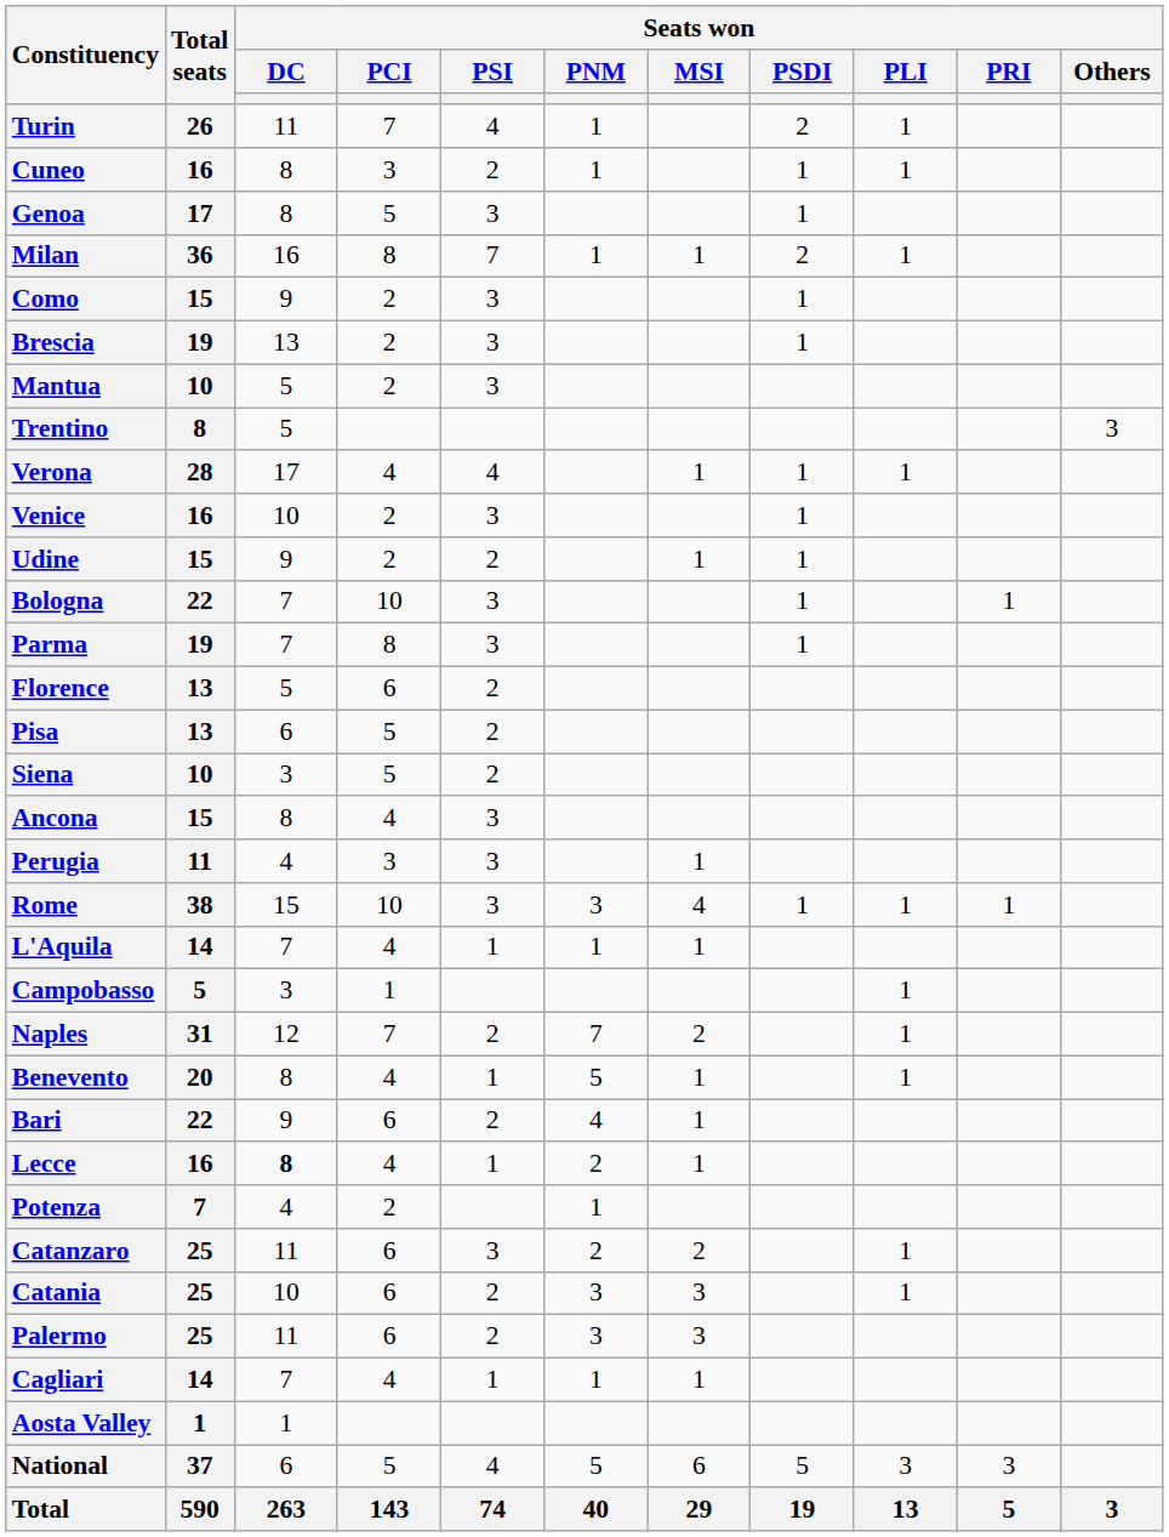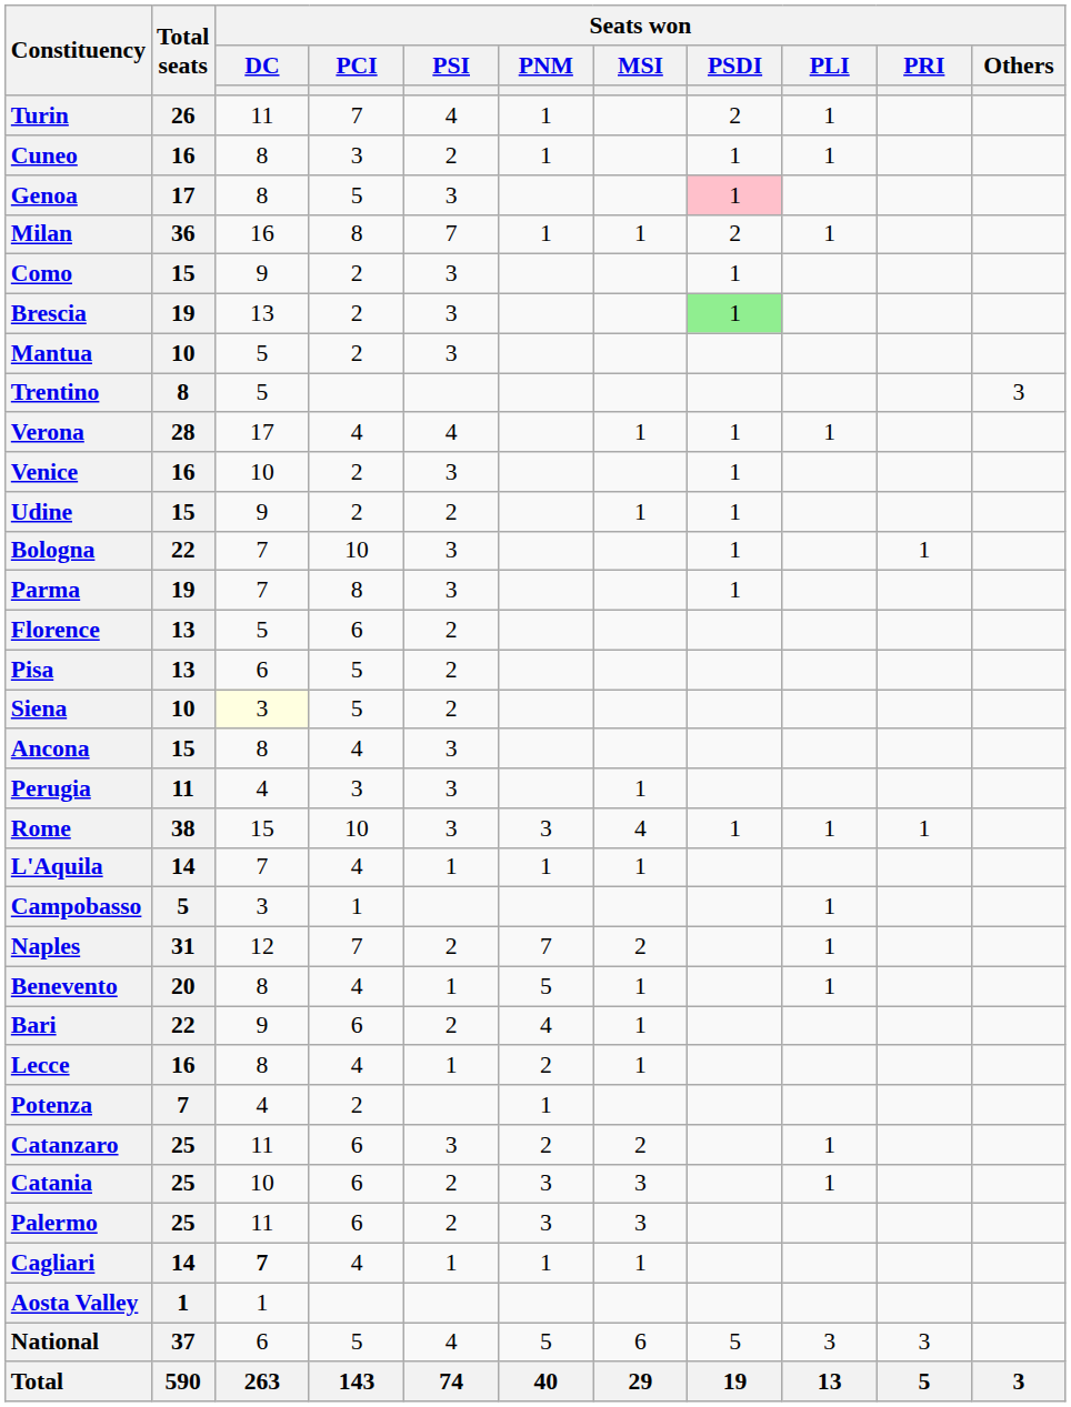 <table class="wikitable" style="text-align:center; font-size: 0.9em;">
 <tr>
 <th rowspan="3">Constituency</th>
 <th rowspan="3">Total<br>seats</th>
 <th colspan="9">Seats won</th>
 </tr>
 <tr>
 <th class="unsortable" style="width:50px;"><a href='#'>DC</a></th>
 <th class="unsortable" style="width:50px;"><a href='#'>PCI</a></th>
 <th class="unsortable" style="width:50px;"><a href='#'>PSI</a></th>
 <th class="unsortable" style="width:50px;"><a href='#'>PNM</a></th>
 <th class="unsortable" style="width:50px;"><a href='#'>MSI</a></th>
 <th class="unsortable" style="width:50px;"><a href='#'>PSDI</a></th>
 <th class="unsortable" style="width:50px;"><a href='#'>PLI</a></th>
 <th class="unsortable" style="width:50px;"><a href='#'>PRI</a></th>
 <th class="unsortable" style="width:50px;">Others</th>
 </tr>
 <tr>
 <th style="background:"></th>
 <th style="background:"></th>
 <th style="background:"></th>
 <th style="background:"></th>
 <th style="background:"></th>
 <th style="background:"></th>
 <th style="background:"></th>
 <th style="background:"></th>
 <th style="background:"></th>
 </tr>
 <tr>
 <th style="text-align: left;"><a href='#'>Turin</a></th>
 <th>26</th>
 <td>11</td>
 <td>7</td>
 <td>4</td>
 <td>1</td>
 <td></td>
 <td>2</td>
 <td>1</td>
 <td></td>
 <td></td>
 </tr>
 <tr>
 <th style="text-align: left;"><a href='#'>Cuneo</a></th>
 <th>16</th>
 <td>8</td>
 <td>3</td>
 <td>2</td>
 <td>1</td>
 <td></td>
 <td>1</td>
 <td>1</td>
 <td></td>
 <td></td>
 </tr>
 <tr>
 <th style="text-align: left;"><a href='#'>Genoa</a></th>
 <th>17</th>
 <td>8</td>
 <td>5</td>
 <td>3</td>
 <td></td>
 <td></td>
-<td>1</td>
+<td style="background: pink;">1</td>
 <td></td>
 <td></td>
 <td></td>
 </tr>
 <tr>
 <th style="text-align: left;"><a href='#'>Milan</a></th>
 <th>36</th>
 <td>16</td>
 <td>8</td>
 <td>7</td>
 <td>1</td>
 <td>1</td>
 <td>2</td>
 <td>1</td>
 <td></td>
 <td></td>
 </tr>
 <tr>
 <th style="text-align: left;"><a href='#'>Como</a></th>
 <th>15</th>
 <td>9</td>
 <td>2</td>
 <td>3</td>
 <td></td>
 <td></td>
 <td>1</td>
 <td></td>
 <td></td>
 <td></td>
 </tr>
 <tr>
 <th style="text-align: left;"><a href='#'>Brescia</a></th>
 <th>19</th>
 <td>13</td>
 <td>2</td>
 <td>3</td>
 <td></td>
 <td></td>
-<td>1</td>
+<td style="background: lightgreen;">1</td>
 <td></td>
 <td></td>
 <td></td>
 </tr>
 <tr>
 <th style="text-align: left;"><a href='#'>Mantua</a></th>
 <th>10</th>
 <td>5</td>
 <td>2</td>
 <td>3</td>
 <td></td>
 <td></td>
 <td></td>
 <td></td>
 <td></td>
 <td></td>
 </tr>
 <tr>
 <th style="text-align: left;"><a href='#'>Trentino</a></th>
 <th>8</th>
 <td>5</td>
 <td></td>
 <td></td>
 <td></td>
 <td></td>
 <td></td>
 <td></td>
 <td></td>
 <td>3</td>
 </tr>
 <tr>
 <th style="text-align: left;"><a href='#'>Verona</a></th>
 <th>28</th>
 <td>17</td>
 <td>4</td>
 <td>4</td>
 <td></td>
 <td>1</td>
 <td>1</td>
 <td>1</td>
 <td></td>
 <td></td>
 </tr>
 <tr>
 <th style="text-align: left;"><a href='#'>Venice</a></th>
 <th>16</th>
 <td>10</td>
 <td>2</td>
 <td>3</td>
 <td></td>
 <td></td>
 <td>1</td>
 <td></td>
 <td></td>
 <td></td>
 </tr>
 <tr>
 <th style="text-align: left;"><a href='#'>Udine</a></th>
 <th>15</th>
 <td>9</td>
 <td>2</td>
 <td>2</td>
 <td></td>
 <td>1</td>
 <td>1</td>
 <td></td>
 <td></td>
 <td></td>
 </tr>
 <tr>
 <th style="text-align: left;"><a href='#'>Bologna</a></th>
 <th>22</th>
 <td>7</td>
 <td>10</td>
 <td>3</td>
 <td></td>
 <td></td>
 <td>1</td>
 <td></td>
 <td>1</td>
 <td></td>
 </tr>
 <tr>
 <th style="text-align: left;"><a href='#'>Parma</a></th>
 <th>19</th>
 <td>7</td>
 <td>8</td>
 <td>3</td>
 <td></td>
 <td></td>
 <td>1</td>
 <td></td>
 <td></td>
 <td></td>
 </tr>
 <tr>
 <th style="text-align: left;"><a href='#'>Florence</a></th>
 <th>13</th>
 <td>5</td>
 <td>6</td>
 <td>2</td>
 <td></td>
 <td></td>
 <td></td>
 <td></td>
 <td></td>
 <td></td>
 </tr>
 <tr>
 <th style="text-align: left;"><a href='#'>Pisa</a></th>
 <th>13</th>
 <td>6</td>
 <td>5</td>
 <td>2</td>
 <td></td>
 <td></td>
 <td></td>
 <td></td>
 <td></td>
 <td></td>
 </tr>
 <tr>
 <th style="text-align: left;"><a href='#'>Siena</a></th>
 <th>10</th>
-<td>3</td>
+<td style="background: lightyellow;">3</td>
 <td>5</td>
 <td>2</td>
 <td></td>
 <td></td>
 <td></td>
 <td></td>
 <td></td>
 <td></td>
 </tr>
 <tr>
 <th style="text-align: left;"><a href='#'>Ancona</a></th>
 <th>15</th>
 <td>8</td>
 <td>4</td>
 <td>3</td>
 <td></td>
 <td></td>
 <td></td>
 <td></td>
 <td></td>
 <td></td>
 </tr>
 <tr>
 <th style="text-align: left;"><a href='#'>Perugia</a></th>
 <th>11</th>
 <td>4</td>
 <td>3</td>
 <td>3</td>
 <td></td>
 <td>1</td>
 <td></td>
 <td></td>
 <td></td>
 <td></td>
 </tr>
 <tr>
 <th style="text-align: left;"><a href='#'>Rome</a></th>
 <th>38</th>
 <td>15</td>
 <td>10</td>
 <td>3</td>
 <td>3</td>
 <td>4</td>
 <td>1</td>
 <td>1</td>
 <td>1</td>
 <td></td>
 </tr>
 <tr>
 <th style="text-align: left;"><a href='#'>L'Aquila</a></th>
 <th>14</th>
 <td>7</td>
 <td>4</td>
 <td>1</td>
 <td>1</td>
 <td>1</td>
 <td></td>
 <td></td>
 <td></td>
 <td></td>
 </tr>
 <tr>
 <th style="text-align: left;"><a href='#'>Campobasso</a></th>
 <th>5</th>
 <td>3</td>
 <td>1</td>
 <td></td>
 <td></td>
 <td></td>
 <td></td>
 <td>1</td>
 <td></td>
 <td></td>
 </tr>
 <tr>
 <th style="text-align: left;"><a href='#'>Naples</a></th>
 <th>31</th>
 <td>12</td>
 <td>7</td>
 <td>2</td>
 <td>7</td>
 <td>2</td>
 <td></td>
 <td>1</td>
 <td></td>
 <td></td>
 </tr>
 <tr>
 <th style="text-align: left;"><a href='#'>Benevento</a></th>
 <th>20</th>
 <td>8</td>
 <td>4</td>
 <td>1</td>
 <td>5</td>
 <td>1</td>
 <td></td>
 <td>1</td>
 <td></td>
 <td></td>
 </tr>
 <tr>
 <th style="text-align: left;"><a href='#'>Bari</a></th>
 <th>22</th>
 <td>9</td>
 <td>6</td>
 <td>2</td>
 <td>4</td>
 <td>1</td>
 <td></td>
 <td></td>
 <td></td>
 <td></td>
 </tr>
 <tr>
 <th style="text-align: left;"><a href='#'>Lecce</a></th>
 <th>16</th>
-<td><strong>8</strong></td>
+<td>8</td>
 <td>4</td>
 <td>1</td>
 <td>2</td>
 <td>1</td>
 <td></td>
 <td></td>
 <td></td>
 <td></td>
 </tr>
 <tr>
 <th style="text-align: left;"><a href='#'>Potenza</a></th>
 <th>7</th>
 <td>4</td>
 <td>2</td>
 <td></td>
 <td>1</td>
 <td></td>
 <td></td>
 <td></td>
 <td></td>
 <td></td>
 </tr>
 <tr>
 <th style="text-align: left;"><a href='#'>Catanzaro</a></th>
 <th>25</th>
 <td>11</td>
 <td>6</td>
 <td>3</td>
 <td>2</td>
 <td>2</td>
 <td></td>
 <td>1</td>
 <td></td>
 <td></td>
 </tr>
 <tr>
 <th style="text-align: left;"><a href='#'>Catania</a></th>
 <th>25</th>
 <td>10</td>
 <td>6</td>
 <td>2</td>
 <td>3</td>
 <td>3</td>
 <td></td>
 <td>1</td>
 <td></td>
 <td></td>
 </tr>
 <tr>
 <th style="text-align: left;"><a href='#'>Palermo</a></th>
 <th>25</th>
 <td>11</td>
 <td>6</td>
 <td>2</td>
 <td>3</td>
 <td>3</td>
 <td></td>
 <td></td>
 <td></td>
 <td></td>
 </tr>
 <tr>
 <th style="text-align: left;"><a href='#'>Cagliari</a></th>
 <th>14</th>
-<td>7</td>
+<td><strong>7</strong></td>
 <td>4</td>
 <td>1</td>
 <td>1</td>
 <td>1</td>
 <td></td>
 <td></td>
 <td></td>
 <td></td>
 </tr>
 <tr>
 <th style="text-align: left;"><a href='#'>Aosta Valley</a></th>
 <th>1</th>
 <td>1</td>
 <td></td>
 <td></td>
 <td></td>
 <td></td>
 <td></td>
 <td></td>
 <td></td>
 <td></td>
 </tr>
 <tr>
 <th style="text-align: left;">National</th>
 <th>37</th>
 <td>6</td>
 <td>5</td>
 <td>4</td>
 <td>5</td>
 <td>6</td>
 <td>5</td>
 <td>3</td>
 <td>3</td>
 <td></td>
 </tr>
 <tr>
 <th style="text-align: left;">Total</th>
 <th>590</th>
 <th>263</th>
 <th>143</th>
 <th>74</th>
 <th>40</th>
 <th>29</th>
 <th>19</th>
 <th>13</th>
 <th>5</th>
 <th>3</th>
 </tr>
 </table>
